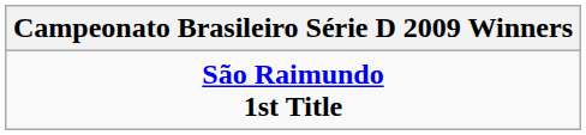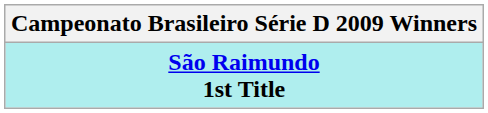 <table class="wikitable" style="text-align: center; margin: 0 auto;">
 <tr>
 <th>Campeonato Brasileiro Série D 2009 Winners</th>
 </tr>
 <tr>
-<td><strong><a href='#'>São Raimundo</a></strong><br> <strong>1st Title</strong></td>
+<td style="background: paleturquoise;"><strong><a href='#'>São Raimundo</a></strong><br> <strong>1st Title</strong></td>
 </tr>
 </table>
